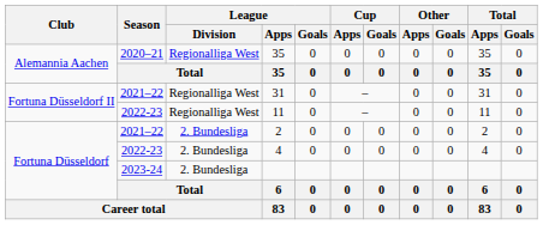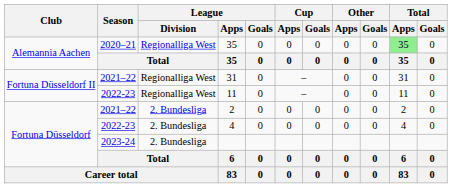 <table class="wikitable" style="text-align:center">
 <tr>
 <th rowspan="2">Club</th>
 <th rowspan="2">Season</th>
 <th colspan="3">League</th>
 <th colspan="2">Cup</th>
 <th colspan="2">Other</th>
 <th colspan="2">Total</th>
 </tr>
 <tr>
 <th>Division</th>
 <th>Apps</th>
 <th>Goals</th>
 <th>Apps</th>
 <th>Goals</th>
 <th>Apps</th>
 <th>Goals</th>
 <th>Apps</th>
 <th>Goals</th>
 </tr>
 <tr>
 <td rowspan="2"><a href='#'>Alemannia Aachen</a></td>
 <td><a href='#'>2020–21</a></td>
 <td><a href='#'>Regionalliga West</a></td>
 <td>35</td>
 <td>0</td>
 <td>0</td>
 <td>0</td>
 <td>0</td>
 <td>0</td>
-<td>35</td>
+<td style="background: lightgreen;">35</td>
 <td>0</td>
 </tr>
 <tr>
 <th colspan="2">Total</th>
 <th>35</th>
 <th>0</th>
 <th>0</th>
 <th>0</th>
 <th>0</th>
 <th>0</th>
 <th>35</th>
 <th>0</th>
 </tr>
 <tr>
 <td rowspan="2"><a href='#'>Fortuna Düsseldorf II</a></td>
 <td><a href='#'>2021–22</a></td>
 <td>Regionalliga West</td>
 <td>31</td>
 <td>0</td>
 <td colspan="2">–</td>
 <td>0</td>
 <td>0</td>
 <td>31</td>
 <td>0</td>
 </tr>
 <tr>
 <td><a href='#'>2022-23</a></td>
 <td>Regionalliga West</td>
 <td>11</td>
 <td>0</td>
 <td colspan="2">–</td>
 <td>0</td>
 <td>0</td>
 <td>11</td>
 <td>0</td>
 </tr>
 <tr>
 <td rowspan="4"><a href='#'>Fortuna Düsseldorf</a></td>
 <td><a href='#'>2021–22</a></td>
 <td><a href='#'>2. Bundesliga</a></td>
 <td>2</td>
 <td>0</td>
 <td>0</td>
 <td>0</td>
 <td>0</td>
 <td>0</td>
 <td>2</td>
 <td>0</td>
 </tr>
 <tr>
 <td><a href='#'>2022-23</a></td>
 <td>2. Bundesliga</td>
 <td>4</td>
 <td>0</td>
 <td>0</td>
 <td>0</td>
 <td>0</td>
 <td>0</td>
 <td>4</td>
 <td>0</td>
 </tr>
 <tr>
 <td><a href='#'>2023-24</a></td>
 <td>2. Bundesliga</td>
 <td></td>
 <td></td>
 <td></td>
 <td></td>
 <td></td>
 <td></td>
 <td></td>
 <td></td>
 </tr>
 <tr>
 <th colspan="2">Total</th>
 <th>6</th>
 <th>0</th>
 <th>0</th>
 <th>0</th>
 <th>0</th>
 <th>0</th>
 <th>6</th>
 <th>0</th>
 </tr>
 <tr>
 <th colspan="3">Career total</th>
 <th>83</th>
 <th>0</th>
 <th>0</th>
 <th>0</th>
 <th>0</th>
 <th>0</th>
 <th>83</th>
 <th>0</th>
 </tr>
 </table>
